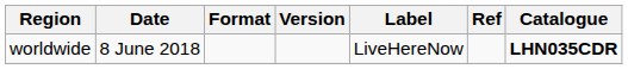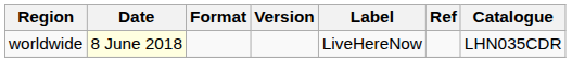 <table class="wikitable plainrowheaders">
 <tr>
 <th scope="col">Region</th>
 <th scope="col">Date</th>
 <th scope="col">Format</th>
 <th scope="col">Version</th>
 <th scope="col">Label</th>
 <th scope="col">Ref</th>
 <th scope="col">Catalogue</th>
 </tr>
 <tr>
 <td>worldwide</td>
-<td>8 June 2018</td>
+<td style="background: lightyellow;">8 June 2018</td>
 <td></td>
 <td></td>
 <td>LiveHereNow</td>
 <td></td>
-<td><strong>LHN035CDR</strong></td>
+<td>LHN035CDR</td>
 </tr>
 <tr>
 </tr>
 </table>
